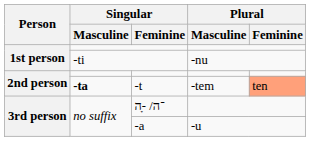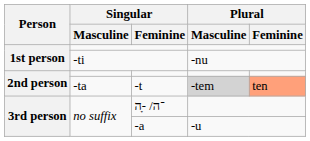 <table class="wikitable mw-collapsible">
 <tr>
 <th rowspan="2">Person</th>
 <th colspan="2">Singular</th>
 <th colspan="2">Plural</th>
 </tr>
 <tr>
 <th>Masculine</th>
 <th>Feminine</th>
 <th>Masculine</th>
 <th>Feminine</th>
 </tr>
 <tr>
 <th rowspan="2">1st person</th>
 <td colspan="2"></td>
 <td colspan="2"></td>
 </tr>
 <tr>
 <td colspan="2">-ti</td>
 <td colspan="2">-nu</td>
 </tr>
 <tr>
 <th rowspan="2">2nd person</th>
 <td></td>
 <td></td>
 <td></td>
 <td></td>
 </tr>
 <tr>
-<td><strong>-ta</strong></td>
+<td>-ta</td>
 <td>-t</td>
-<td>-tem</td>
+<td style="background: lightgrey;">-tem</td>
 <td style="background: lightsalmon;">ten</td>
 </tr>
 <tr>
 <th rowspan="2">3rd person</th>
 <td rowspan="2"><em>no suffix</em></td>
 <td>־ה/ -ָה</td>
 <td colspan="2"></td>
 </tr>
 <tr>
 <td>-a</td>
 <td colspan="2">-u</td>
 </tr>
 </table>
